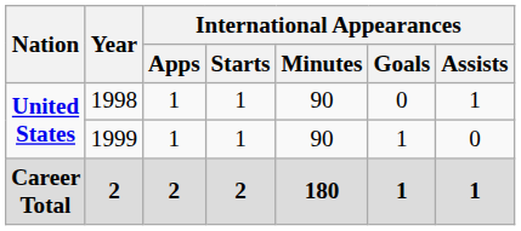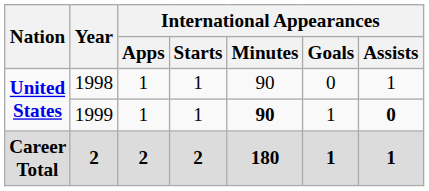 <table class="wikitable" style=font-size:90% text-align: center width=35%>
 <tr>
 <th rowspan=2 width=20%>Nation</th>
 <th rowspan=2 width=7%>Year</th>
 <th colspan=5 width=30%>International Appearances</th>
 </tr>
 <tr>
 <th align=center>Apps</th>
 <th align=center>Starts</th>
 <th align=center>Minutes</th>
 <th align=center>Goals</th>
 <th align=center>Assists</th>
 </tr>
 <tr>
 <td rowspan=2 align=center><strong><a href='#'>United States</a></strong></td>
 <td align=center>1998</td>
 <td align=center>1</td>
 <td align=center>1</td>
 <td align=center>90</td>
 <td align=center>0</td>
 <td align=center>1</td>
 </tr>
 <tr>
 <td align=center>1999</td>
 <td align=center>1</td>
 <td align=center>1</td>
-<td align=center>90</td>
+<td align=center><strong>90</strong></td>
 <td align=center>1</td>
-<td align=center>0</td>
+<td align=center><strong>0</strong></td>
 </tr>
 <tr>
 <th style="background: #DCDCDC" align=center>Career Total</th>
 <th style="background: #DCDCDC" align=center>2</th>
 <th style="background: #DCDCDC" align=center>2</th>
 <th style="background: #DCDCDC" align=center>2</th>
 <th style="background: #DCDCDC" align=center>180</th>
 <th style="background: #DCDCDC" align=center>1</th>
 <th style="background: #DCDCDC" align=center>1</th>
 </tr>
 </table>
